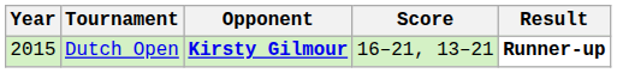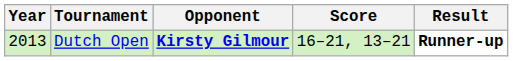 <table class="sortable wikitable" style="font-size: 95%;">
 <tr>
 <th>Year</th>
 <th>Tournament</th>
 <th>Opponent</th>
 <th>Score</th>
 <th>Result</th>
 </tr>
 <tr style="background:#D4F1C5">
-<td align="center">2015</td>
+<td align="center">2013</td>
 <td align="left"><a href='#'>Dutch Open</a></td>
 <td align="left"><strong> <a href='#'>Kirsty Gilmour</a></strong></td>
 <td align="left">16–21, 13–21</td>
 <td style="text-align:left; background:white"> <strong>Runner-up</strong></td>
 </tr>
 </table>
